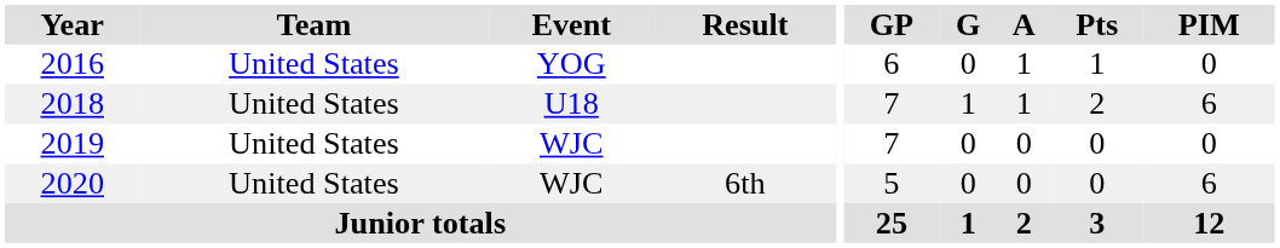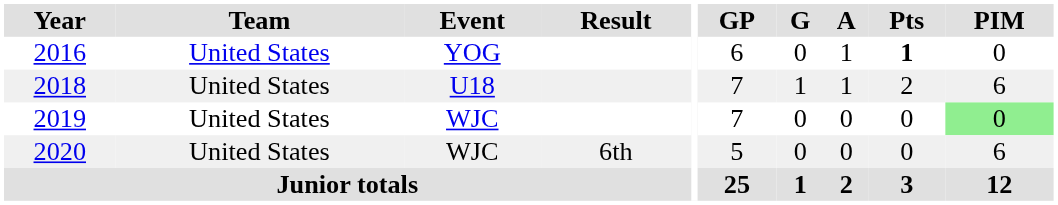 <table border="0" cellpadding="1" cellspacing="0" ID="Table3" style="text-align:center; width:40em;">
 <tr bgcolor="#e0e0e0">
 <th>Year</th>
 <th>Team</th>
 <th>Event</th>
 <th>Result</th>
 <th rowspan="100" bgcolor="#ffffff"></th>
 <th>GP</th>
 <th>G</th>
 <th>A</th>
 <th>Pts</th>
 <th>PIM</th>
 </tr>
 <tr>
 <td><a href='#'>2016</a></td>
 <td><a href='#'>United States</a></td>
 <td><a href='#'>YOG</a></td>
 <td></td>
 <td>6</td>
 <td>0</td>
 <td>1</td>
-<td>1</td>
+<td><strong>1</strong></td>
 <td>0</td>
 </tr>
 <tr bgcolor="#f0f0f0">
 <td><a href='#'>2018</a></td>
 <td>United States</td>
 <td><a href='#'>U18</a></td>
 <td></td>
 <td>7</td>
 <td>1</td>
 <td>1</td>
 <td>2</td>
 <td>6</td>
 </tr>
 <tr>
 <td><a href='#'>2019</a></td>
 <td>United States</td>
 <td><a href='#'>WJC</a></td>
 <td></td>
 <td>7</td>
 <td>0</td>
 <td>0</td>
 <td>0</td>
-<td>0</td>
+<td style="background: lightgreen;">0</td>
 </tr>
 <tr bgcolor="#f0f0f0">
 <td><a href='#'>2020</a></td>
 <td>United States</td>
 <td>WJC</td>
 <td>6th</td>
 <td>5</td>
 <td>0</td>
 <td>0</td>
 <td>0</td>
 <td>6</td>
 </tr>
 <tr bgcolor="#e0e0e0">
 <th colspan="4">Junior totals</th>
 <th>25</th>
 <th>1</th>
 <th>2</th>
 <th>3</th>
 <th>12</th>
 </tr>
 </table>
